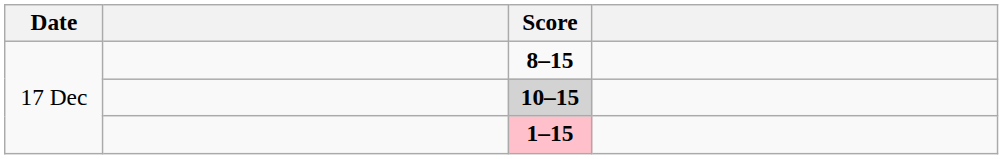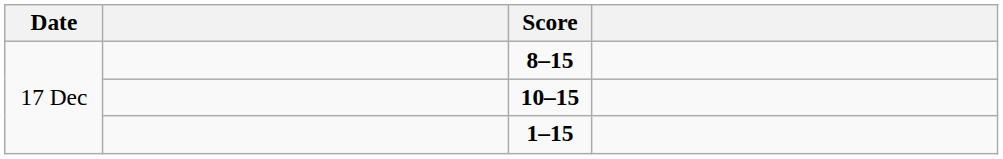 <table class="wikitable" style="text-align: center;">
 <tr>
 <th width="60">Date</th>
 <th align="right" width="270"></th>
 <th width="50">Score</th>
 <th align="left" width="270"></th>
 </tr>
 <tr>
 <td rowspan=3>17 Dec</td>
 <td align=left></td>
 <td align=center><strong>8–15</strong></td>
 <td align=left><strong></strong></td>
 </tr>
 <tr>
 <td align=left></td>
-<td align=center style="background: lightgrey;"><strong>10–15</strong></td>
+<td align=center><strong>10–15</strong></td>
 <td align=left><strong></strong></td>
 </tr>
 <tr>
 <td align=left></td>
-<td align=center style="background: pink;"><strong>1–15</strong></td>
+<td align=center><strong>1–15</strong></td>
 <td align=left><strong></strong></td>
 </tr>
 </table>
